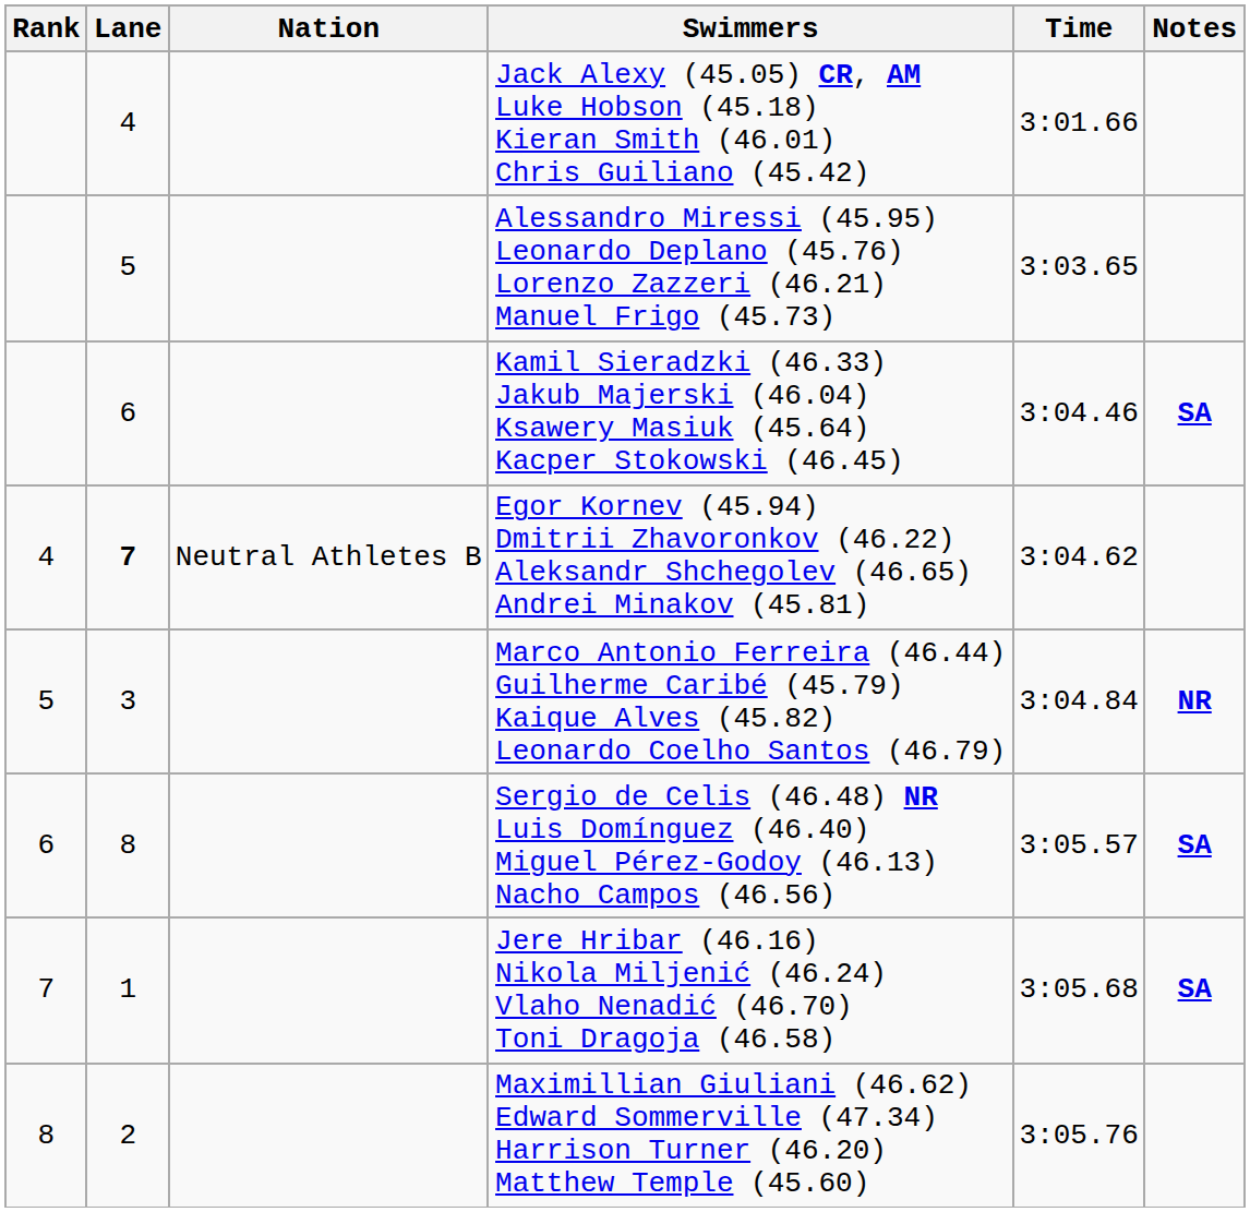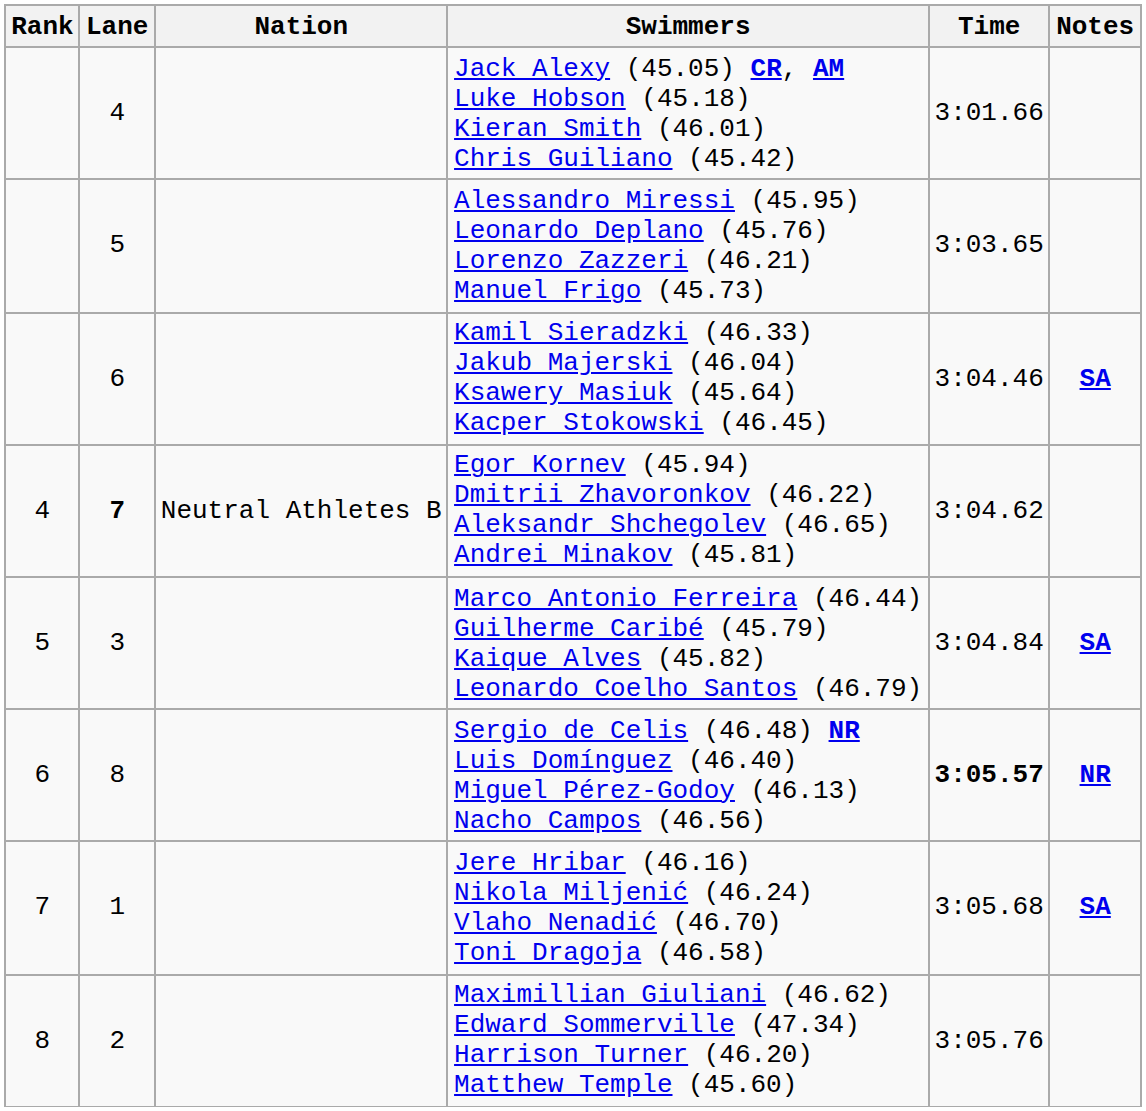 <table class="wikitable sortable" style="text-align:center">
 <tr>
 <th>Rank</th>
 <th>Lane</th>
 <th>Nation</th>
 <th>Swimmers</th>
 <th>Time</th>
 <th>Notes</th>
 </tr>
 <tr>
 <td></td>
 <td>4</td>
 <td align=left></td>
 <td align=left><a href='#'>Jack Alexy</a> (45.05) <strong><a href='#'>CR</a></strong>, <strong><a href='#'>AM</a></strong><br><a href='#'>Luke Hobson</a> (45.18)<br><a href='#'>Kieran Smith</a> (46.01)<br><a href='#'>Chris Guiliano</a> (45.42)</td>
 <td>3:01.66</td>
 <td></td>
 </tr>
 <tr>
 <td></td>
 <td>5</td>
 <td align=left></td>
 <td align=left><a href='#'>Alessandro Miressi</a> (45.95)<br><a href='#'>Leonardo Deplano</a> (45.76)<br><a href='#'>Lorenzo Zazzeri</a> (46.21)<br><a href='#'>Manuel Frigo</a> (45.73)</td>
 <td>3:03.65</td>
 <td></td>
 </tr>
 <tr>
 <td></td>
 <td>6</td>
 <td align=left></td>
 <td align=left><a href='#'>Kamil Sieradzki</a> (46.33)<br><a href='#'>Jakub Majerski</a> (46.04)<br><a href='#'>Ksawery Masiuk</a> (45.64)<br><a href='#'>Kacper Stokowski</a> (46.45)</td>
 <td>3:04.46</td>
 <td><strong><a href='#'>SA</a></strong></td>
 </tr>
 <tr>
 <td>4</td>
 <td><strong>7</strong></td>
 <td align=left> Neutral Athletes B</td>
 <td align=left><a href='#'>Egor Kornev</a> (45.94)<br><a href='#'>Dmitrii Zhavoronkov</a> (46.22)<br><a href='#'>Aleksandr Shchegolev</a> (46.65)<br><a href='#'>Andrei Minakov</a> (45.81)</td>
 <td>3:04.62</td>
 <td></td>
 </tr>
 <tr>
 <td>5</td>
 <td>3</td>
 <td align=left></td>
 <td align=left><a href='#'>Marco Antonio Ferreira</a> (46.44)<br><a href='#'>Guilherme Caribé</a> (45.79)<br><a href='#'>Kaique Alves</a> (45.82)<br><a href='#'>Leonardo Coelho Santos</a> (46.79)</td>
 <td>3:04.84</td>
-<td><strong><a href='#'>NR</a></strong></td>
+<td><strong><a href='#'>SA</a></strong></td>
 </tr>
 <tr>
 <td>6</td>
 <td>8</td>
 <td align=left></td>
 <td align=left><a href='#'>Sergio de Celis</a> (46.48) <strong><a href='#'>NR</a></strong><br><a href='#'>Luis Domínguez</a> (46.40)<br><a href='#'>Miguel Pérez-Godoy</a> (46.13)<br><a href='#'>Nacho Campos</a> (46.56)</td>
-<td>3:05.57</td>
-<td><strong><a href='#'>SA</a></strong></td>
+<td><strong>3:05.57</strong></td>
+<td><strong><a href='#'>NR</a></strong></td>
 </tr>
 <tr>
 <td>7</td>
 <td>1</td>
 <td align=left></td>
 <td align=left><a href='#'>Jere Hribar</a> (46.16)<br><a href='#'>Nikola Miljenić</a> (46.24)<br><a href='#'>Vlaho Nenadić</a> (46.70)<br><a href='#'>Toni Dragoja</a> (46.58)</td>
 <td>3:05.68</td>
 <td><strong><a href='#'>SA</a></strong></td>
 </tr>
 <tr>
 <td>8</td>
 <td>2</td>
 <td align=left></td>
 <td align=left><a href='#'>Maximillian Giuliani</a> (46.62)<br><a href='#'>Edward Sommerville</a> (47.34)<br><a href='#'>Harrison Turner</a> (46.20)<br><a href='#'>Matthew Temple</a> (45.60)</td>
 <td>3:05.76</td>
 <td></td>
 </tr>
 </table>
